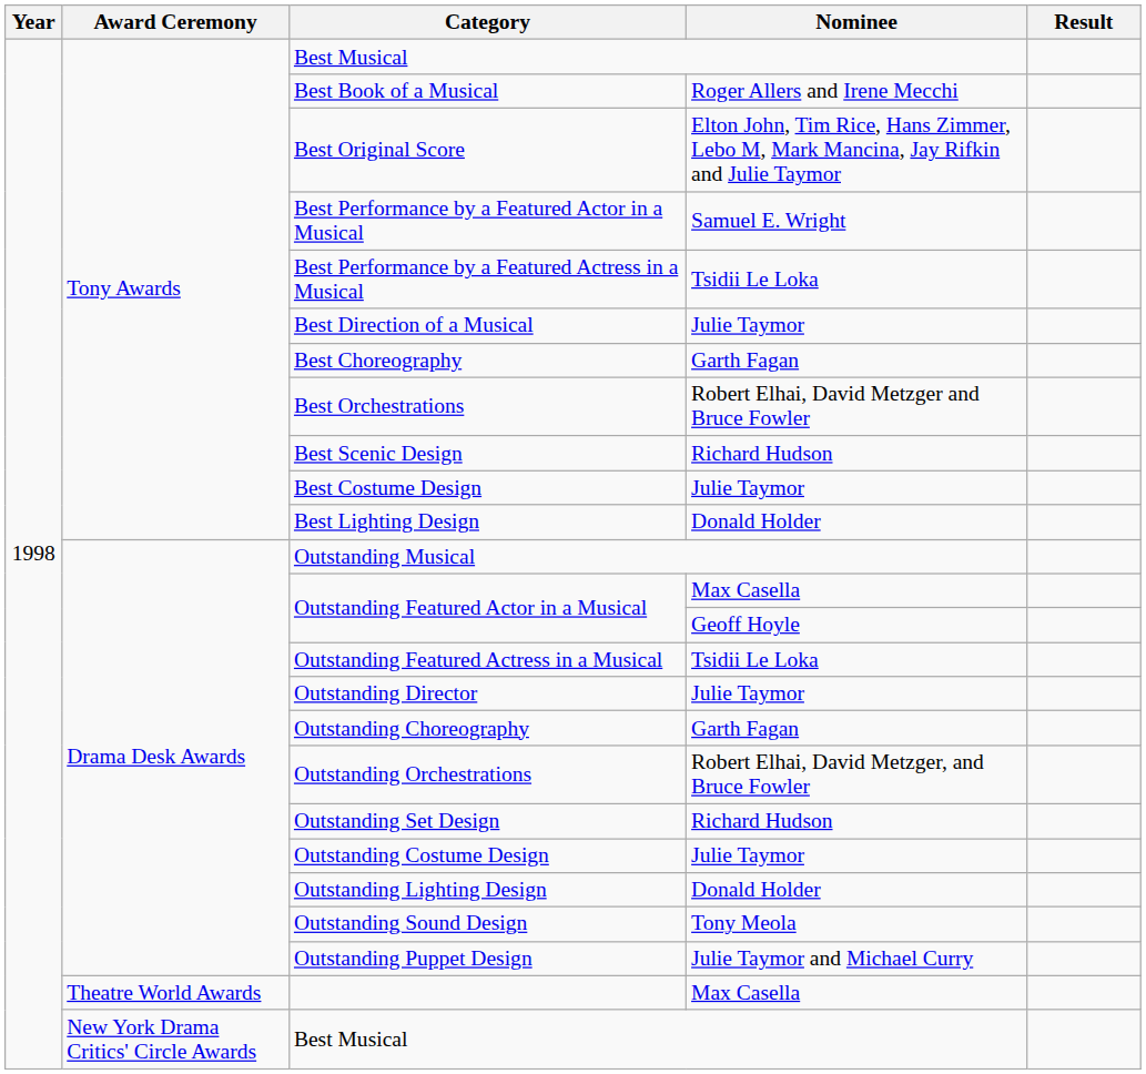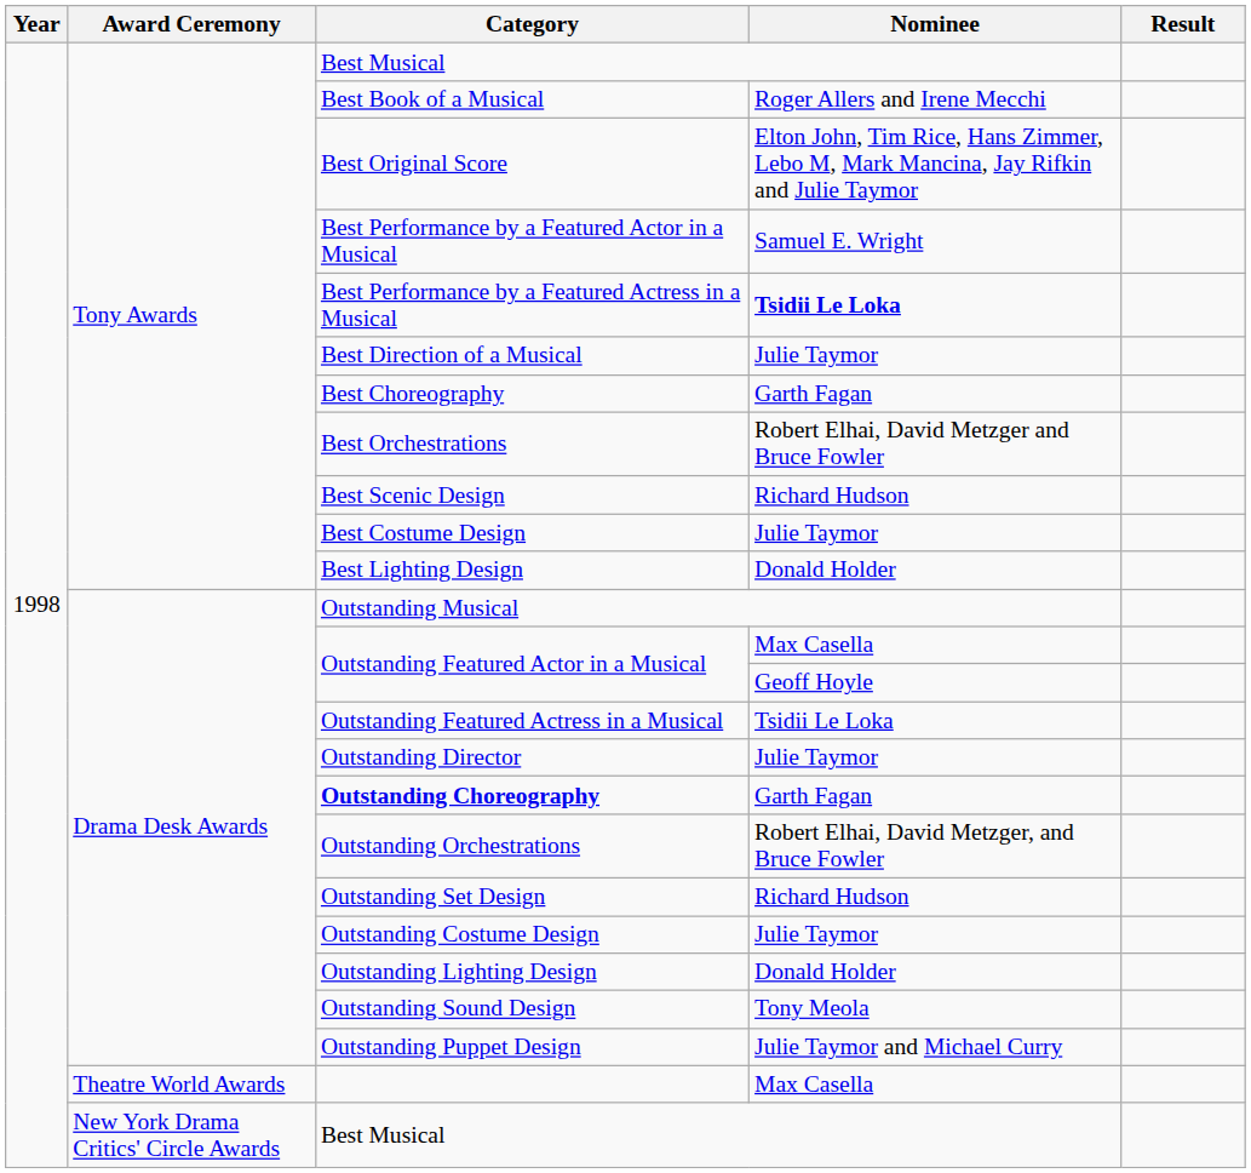 <table class="wikitable" width="95%">
 <tr>
 <th width="5%">Year</th>
 <th width="20%">Award Ceremony</th>
 <th width="35%">Category</th>
 <th width="30%">Nominee</th>
 <th width="10%">Result</th>
 </tr>
 <tr>
 <td rowspan="25" align="center">1998</td>
 <td rowspan="11"><a href='#'>Tony Awards</a></td>
 <td colspan="2"><a href='#'>Best Musical</a></td>
 <td></td>
 </tr>
 <tr>
 <td><a href='#'>Best Book of a Musical</a></td>
 <td><a href='#'>Roger Allers</a> and <a href='#'>Irene Mecchi</a></td>
 <td></td>
 </tr>
 <tr>
 <td><a href='#'>Best Original Score</a></td>
 <td><a href='#'>Elton John</a>, <a href='#'>Tim Rice</a>, <a href='#'>Hans Zimmer</a>, <a href='#'>Lebo M</a>, <a href='#'>Mark Mancina</a>, <a href='#'>Jay Rifkin</a> and <a href='#'>Julie Taymor</a></td>
 <td></td>
 </tr>
 <tr>
 <td><a href='#'>Best Performance by a Featured Actor in a Musical</a></td>
 <td><a href='#'>Samuel E. Wright</a></td>
 <td></td>
 </tr>
 <tr>
 <td><a href='#'>Best Performance by a Featured Actress in a Musical</a></td>
-<td><a href='#'>Tsidii Le Loka</a></td>
+<td><strong><a href='#'>Tsidii Le Loka</a></strong></td>
 <td></td>
 </tr>
 <tr>
 <td><a href='#'>Best Direction of a Musical</a></td>
 <td><a href='#'>Julie Taymor</a></td>
 <td></td>
 </tr>
 <tr>
 <td><a href='#'>Best Choreography</a></td>
 <td><a href='#'>Garth Fagan</a></td>
 <td></td>
 </tr>
 <tr>
 <td><a href='#'>Best Orchestrations</a></td>
 <td>Robert Elhai, David Metzger and <a href='#'>Bruce Fowler</a></td>
 <td></td>
 </tr>
 <tr>
 <td><a href='#'>Best Scenic Design</a></td>
 <td><a href='#'>Richard Hudson</a></td>
 <td></td>
 </tr>
 <tr>
 <td><a href='#'>Best Costume Design</a></td>
 <td><a href='#'>Julie Taymor</a></td>
 <td></td>
 </tr>
 <tr>
 <td><a href='#'>Best Lighting Design</a></td>
 <td><a href='#'>Donald Holder</a></td>
 <td></td>
 </tr>
 <tr>
 <td rowspan="12"><a href='#'>Drama Desk Awards</a></td>
 <td colspan="2"><a href='#'>Outstanding Musical</a></td>
 <td></td>
 </tr>
 <tr>
 <td rowspan="2"><a href='#'>Outstanding Featured Actor in a Musical</a></td>
 <td><a href='#'>Max Casella</a></td>
 <td></td>
 </tr>
 <tr>
 <td><a href='#'>Geoff Hoyle</a></td>
 <td></td>
 </tr>
 <tr>
 <td><a href='#'>Outstanding Featured Actress in a Musical</a></td>
 <td><a href='#'>Tsidii Le Loka</a></td>
 <td></td>
 </tr>
 <tr>
 <td><a href='#'>Outstanding Director</a></td>
 <td><a href='#'>Julie Taymor</a></td>
 <td></td>
 </tr>
 <tr>
-<td><a href='#'>Outstanding Choreography</a></td>
+<td><strong><a href='#'>Outstanding Choreography</a></strong></td>
 <td><a href='#'>Garth Fagan</a></td>
 <td></td>
 </tr>
 <tr>
 <td><a href='#'>Outstanding Orchestrations</a></td>
 <td>Robert Elhai, David Metzger, and <a href='#'>Bruce Fowler</a></td>
 <td></td>
 </tr>
 <tr>
 <td><a href='#'>Outstanding Set Design</a></td>
 <td><a href='#'>Richard Hudson</a></td>
 <td></td>
 </tr>
 <tr>
 <td><a href='#'>Outstanding Costume Design</a></td>
 <td><a href='#'>Julie Taymor</a></td>
 <td></td>
 </tr>
 <tr>
 <td><a href='#'>Outstanding Lighting Design</a></td>
 <td><a href='#'>Donald Holder</a></td>
 <td></td>
 </tr>
 <tr>
 <td><a href='#'>Outstanding Sound Design</a></td>
 <td><a href='#'>Tony Meola</a></td>
 <td></td>
 </tr>
 <tr>
 <td><a href='#'>Outstanding Puppet Design</a></td>
 <td><a href='#'>Julie Taymor</a> and <a href='#'>Michael Curry</a></td>
 <td></td>
 </tr>
 <tr>
 <td><a href='#'>Theatre World Awards</a></td>
 <td></td>
 <td><a href='#'>Max Casella</a></td>
 <td></td>
 </tr>
 <tr>
 <td><a href='#'>New York Drama Critics' Circle Awards</a></td>
 <td colspan="2">Best Musical</td>
 <td></td>
 </tr>
 </table>
